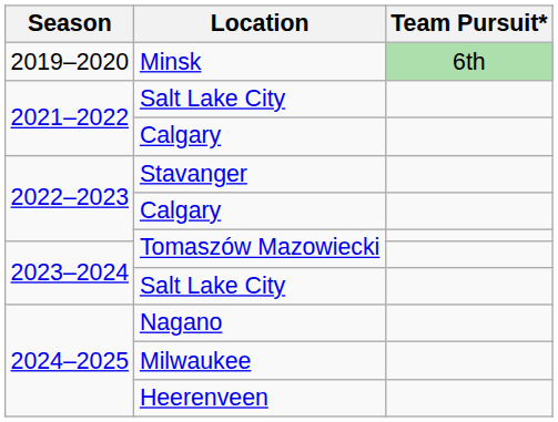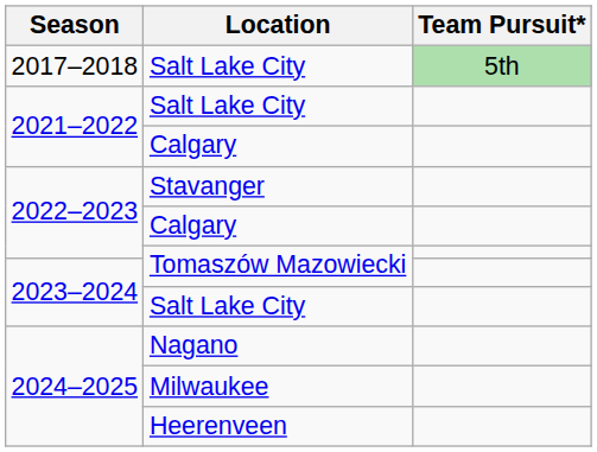 <table class="wikitable" style="display: inline-table;">
 <tr>
 <th>Season</th>
 <th>Location</th>
 <th colspan="1">Team Pursuit*</th>
 </tr>
 <tr style="text-align:center">
-<td>2019–2020</td>
-<td align=left> <a href='#'>Minsk</a></td>
-<td style="background:#addfad;">6th</td>
+<td>2017–2018</td>
+<td align=left> <a href='#'>Salt Lake City</a></td>
+<td style="background:#addfad;">5th</td>
 </tr>
 <tr style="text-align:center">
 <td rowspan=2><a href='#'>2021–2022</a></td>
 <td align=left> <a href='#'>Salt Lake City</a></td>
 <td></td>
 </tr>
 <tr style="text-align:center">
 <td align=left> <a href='#'>Calgary</a></td>
 <td></td>
 </tr>
 <tr style="text-align:center">
 <td rowspan=3><a href='#'>2022–2023</a></td>
 <td align=left> <a href='#'>Stavanger</a></td>
 <td></td>
 </tr>
 <tr style="text-align:center">
 <td align=left> <a href='#'>Calgary</a></td>
 <td></td>
 </tr>
 <tr style="text-align:center">
 <td align=left rowspan=2> <a href='#'>Tomaszów Mazowiecki</a></td>
 <td></td>
 </tr>
 <tr style="text-align:center">
 <td rowspan=2><a href='#'>2023–2024</a></td>
 <td></td>
 </tr>
 <tr style="text-align:center">
 <td align=left> <a href='#'>Salt Lake City</a></td>
 <td></td>
 </tr>
 <tr style="text-align:center">
 <td rowspan=3><a href='#'>2024–2025</a></td>
 <td align=left> <a href='#'>Nagano</a></td>
 <td></td>
 </tr>
 <tr style="text-align:center">
 <td align=left> <a href='#'>Milwaukee</a></td>
 <td></td>
 </tr>
 <tr style="text-align:center">
 <td align=left> <a href='#'>Heerenveen</a></td>
 <td></td>
 </tr>
 </table>
